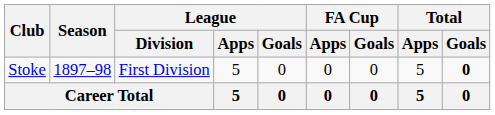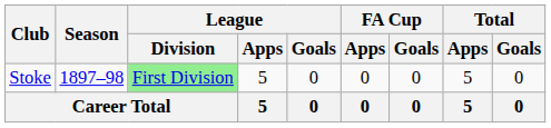 <table class="wikitable" style="text-align: center;">
 <tr>
 <th rowspan="2">Club</th>
 <th rowspan="2">Season</th>
 <th colspan="3">League</th>
 <th colspan="2">FA Cup</th>
 <th colspan="2">Total</th>
 </tr>
 <tr>
 <th>Division</th>
 <th>Apps</th>
 <th>Goals</th>
 <th>Apps</th>
 <th>Goals</th>
 <th>Apps</th>
 <th>Goals</th>
 </tr>
 <tr>
 <td><a href='#'>Stoke</a></td>
 <td><a href='#'>1897–98</a></td>
-<td><a href='#'>First Division</a></td>
+<td style="background: lightgreen;"><a href='#'>First Division</a></td>
 <td>5</td>
 <td>0</td>
 <td>0</td>
 <td>0</td>
 <td>5</td>
-<td><strong>0</strong></td>
+<td>0</td>
 </tr>
 <tr>
 <th colspan="3">Career Total</th>
 <th>5</th>
 <th>0</th>
 <th>0</th>
 <th>0</th>
 <th>5</th>
 <th>0</th>
 </tr>
 </table>
